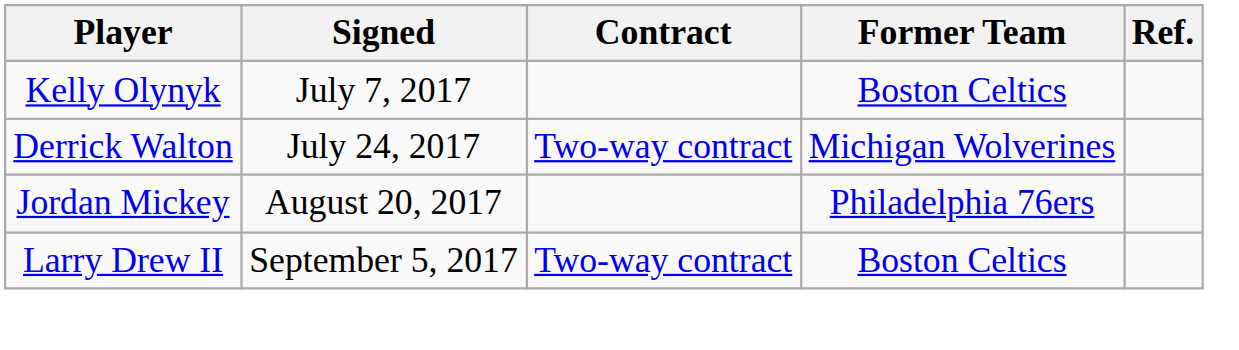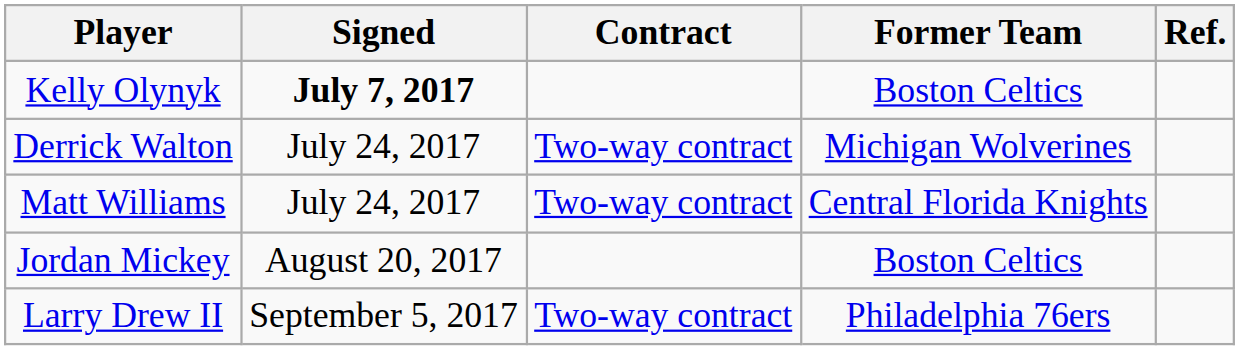 <table class="wikitable sortable sortable" style="text-align: center;">
 <tr>
 <th>Player</th>
 <th>Signed</th>
 <th>Contract</th>
 <th>Former Team</th>
 <th>Ref.</th>
 </tr>
 <tr>
 <td><a href='#'>Kelly Olynyk</a></td>
-<td>July 7, 2017</td>
+<td><strong>July 7, 2017</strong></td>
 <td></td>
 <td><a href='#'>Boston Celtics</a></td>
 <td></td>
 </tr>
 <tr>
 <td><a href='#'>Derrick Walton</a></td>
 <td>July 24, 2017</td>
 <td><a href='#'>Two-way contract</a></td>
 <td><a href='#'>Michigan Wolverines</a></td>
 <td></td>
 </tr>
 <tr>
+<td><a href='#'>Matt Williams</a></td>
+<td>July 24, 2017</td>
+<td><a href='#'>Two-way contract</a></td>
+<td><a href='#'>Central Florida Knights</a></td>
+<td></td>
+</tr>
+<tr>
 <td><a href='#'>Jordan Mickey</a></td>
 <td>August 20, 2017</td>
 <td></td>
-<td><a href='#'>Philadelphia 76ers</a></td>
+<td><a href='#'>Boston Celtics</a></td>
 <td></td>
 </tr>
 <tr>
 <td><a href='#'>Larry Drew II</a></td>
 <td>September 5, 2017</td>
 <td><a href='#'>Two-way contract</a></td>
-<td><a href='#'>Boston Celtics</a></td>
+<td><a href='#'>Philadelphia 76ers</a></td>
 <td></td>
 </tr>
 </table>
